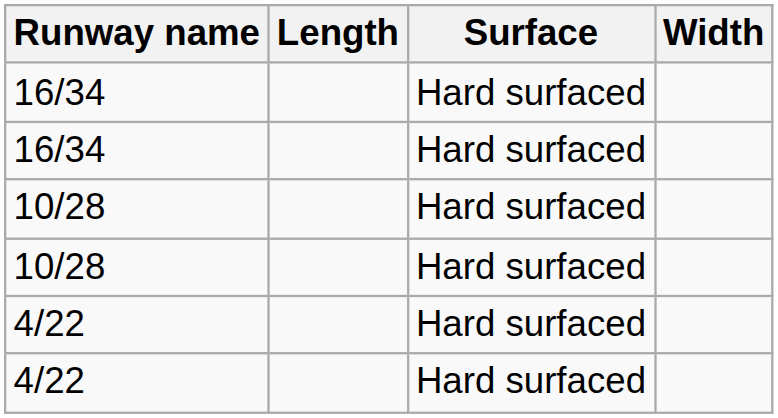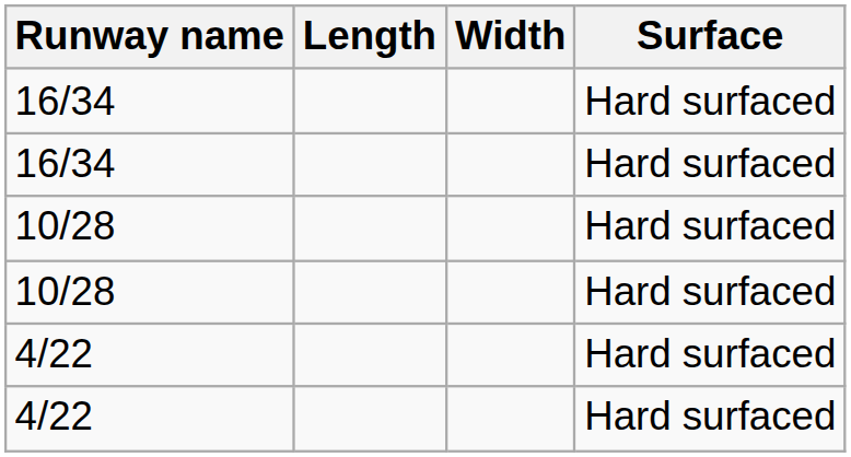 <table class="wikitable">
 <tr>
 <th>Runway name</th>
 <th>Length</th>
+<th>Width</th>
 <th>Surface</th>
-<th>Width</th>
 </tr>
 <tr>
 <td>16/34</td>
 <td></td>
+<td></td>
 <td>Hard surfaced</td>
-<td></td>
 </tr>
 <tr>
 <td>16/34</td>
 <td></td>
+<td></td>
 <td>Hard surfaced</td>
-<td></td>
 </tr>
 <tr>
 <td>10/28</td>
 <td></td>
+<td></td>
 <td>Hard surfaced</td>
-<td></td>
 </tr>
 <tr>
 <td>10/28</td>
 <td></td>
+<td></td>
 <td>Hard surfaced</td>
-<td></td>
 </tr>
 <tr>
 <td>4/22</td>
 <td></td>
+<td></td>
 <td>Hard surfaced</td>
-<td></td>
 </tr>
 <tr>
 <td>4/22</td>
 <td></td>
+<td></td>
 <td>Hard surfaced</td>
-<td></td>
 </tr>
 </table>
